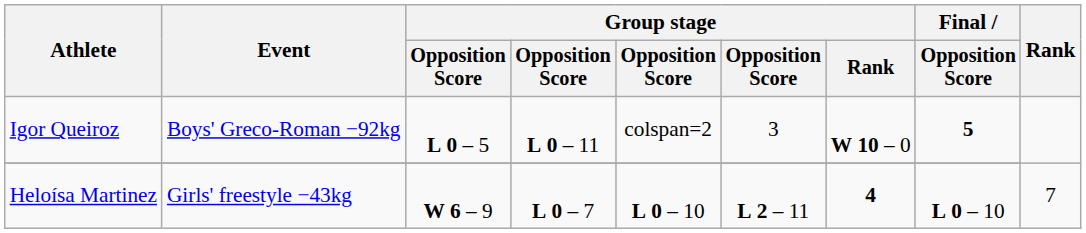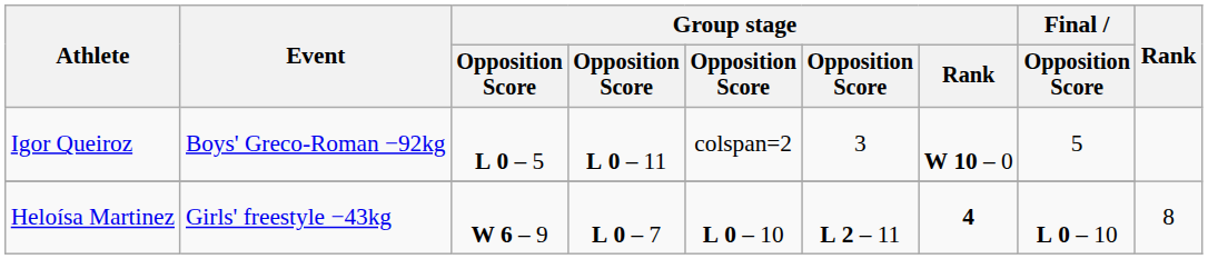 <table class="wikitable" style="font-size:90%">
 <tr>
 <th rowspan=2>Athlete</th>
 <th rowspan=2>Event</th>
 <th colspan=5>Group stage</th>
 <th>Final / </th>
 <th rowspan=2>Rank</th>
 </tr>
 <tr style="font-size:95%">
 <th>Opposition<br>Score</th>
 <th>Opposition<br>Score</th>
 <th>Opposition<br>Score</th>
 <th>Opposition<br>Score</th>
 <th>Rank</th>
 <th>Opposition<br>Score</th>
 </tr>
 <tr align=center>
 <td align=left><a href='#'>Igor Queiroz</a></td>
 <td align=left><a href='#'>Boys' Greco-Roman −92kg</a></td>
 <td><br><strong>L</strong> <strong>0</strong> – 5 <sup></sup></td>
 <td><br><strong>L</strong> <strong>0</strong> – 11 <sup></sup></td>
 <td>colspan=2 </td>
 <td>3 </td>
 <td><br><strong>W</strong> <strong>10</strong> – 0 <sup></sup></td>
-<td><strong>5</strong></td>
+<td>5</td>
 </tr>
 <tr>
 </tr>
 <tr align=center>
 <td align=left><a href='#'>Heloísa Martinez</a></td>
 <td align=left><a href='#'>Girls' freestyle −43kg</a></td>
 <td><br><strong>W</strong> <strong>6</strong> – 9 <sup></sup></td>
 <td><br><strong>L</strong> <strong>0</strong> – 7 <sup></sup></td>
 <td><br><strong>L</strong> <strong>0</strong> – 10 <sup></sup></td>
 <td><br><strong>L</strong> <strong>2</strong> – 11 <sup></sup></td>
 <td><strong>4 </strong></td>
 <td><br><strong>L</strong> <strong>0</strong> – 10 <sup></sup></td>
-<td>7</td>
+<td>8</td>
 </tr>
 </table>
